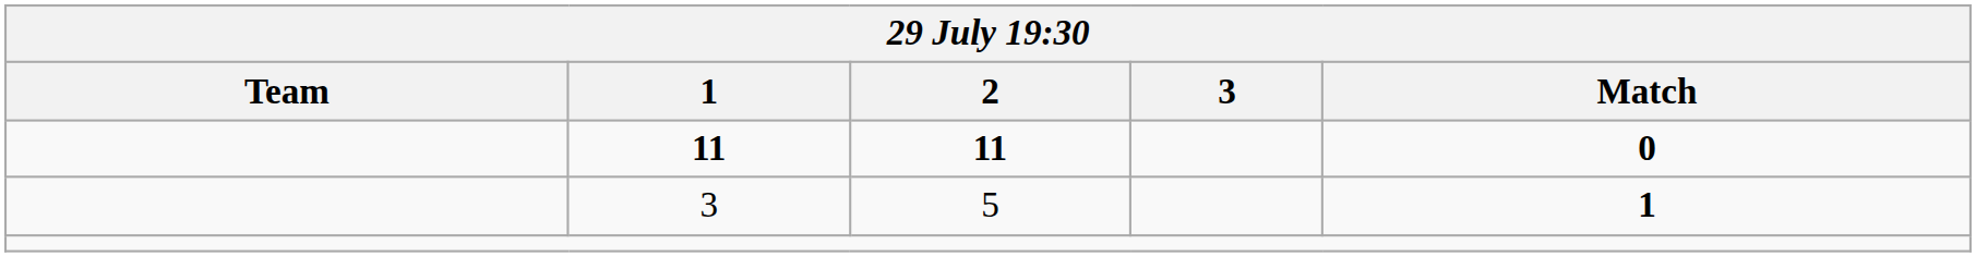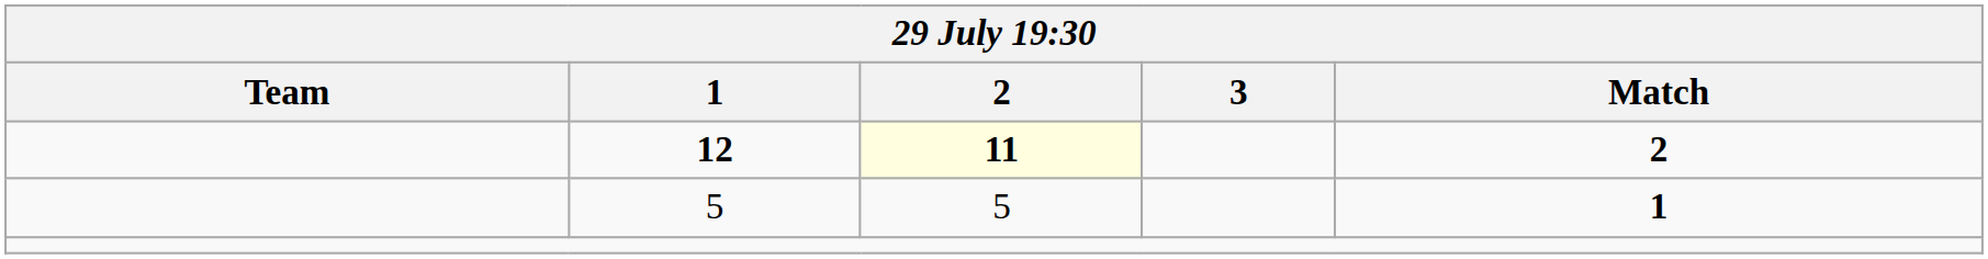 <table class=wikitable style="text-align:center; width: 55%">
 <tr>
 <th colspan=10><em>29 July 19:30</em></th>
 </tr>
 <tr>
 <th>Team</th>
 <th>1</th>
 <th>2</th>
 <th>3</th>
 <th>Match</th>
 </tr>
 <tr>
 <td align=left><strong><br></strong></td>
-<td><strong>11</strong></td>
-<td><strong>11</strong></td>
+<td><strong>12</strong></td>
+<td style="background: lightyellow;"><strong>11</strong></td>
 <td></td>
-<td><strong>0</strong></td>
+<td><strong>2</strong></td>
 </tr>
 <tr>
 <td align=left><br></td>
-<td>3</td>
+<td>5</td>
 <td>5</td>
 <td></td>
 <td><strong>1</strong></td>
 </tr>
 <tr>
 <td colspan=10></td>
 </tr>
 </table>
